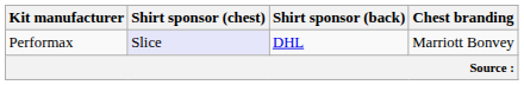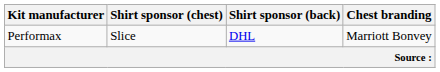 <table class="wikitable"  style="font-size:85%;">
 <tr>
 <th>Kit manufacturer</th>
 <th>Shirt sponsor (chest)</th>
 <th>Shirt sponsor (back)</th>
 <th>Chest branding</th>
 </tr>
 <tr>
 <td>Performax</td>
-<td style="background: lavender;">Slice</td>
+<td>Slice</td>
 <td><a href='#'>DHL</a></td>
 <td>Marriott Bonvey</td>
 </tr>
 <tr>
 <th colspan="4" style="text-align:right;"><small> Source :</small></th>
 </tr>
 </table>
